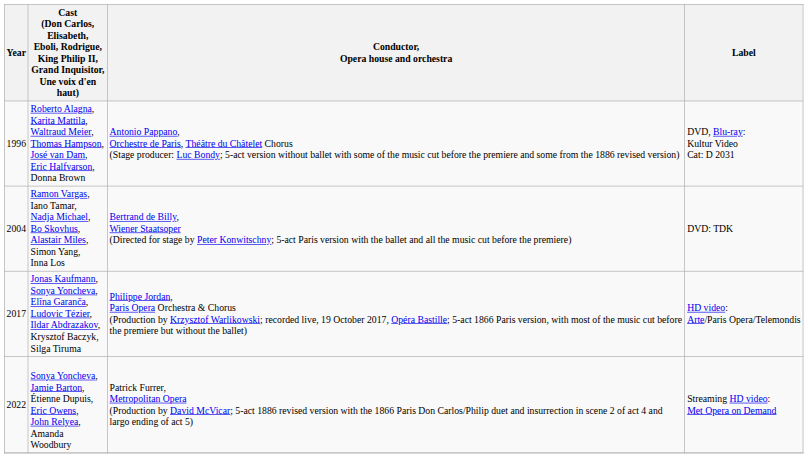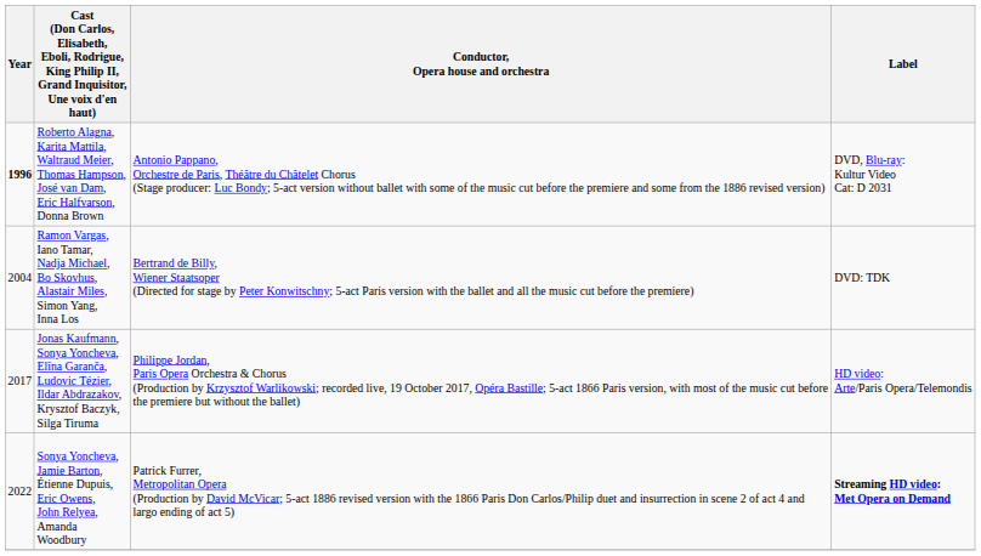 <table class="wikitable" style="font-size:95%;">
 <tr>
 <th>Year</th>
 <th>Cast<br>(Don Carlos,<br>Elisabeth,<br>Eboli, Rodrigue,<br>King Philip II,<br>Grand Inquisitor,<br>Une voix d'en haut)</th>
 <th>Conductor,<br>Opera house and orchestra</th>
 <th>Label</th>
 </tr>
 <tr>
-<td>1996</td>
+<td><strong>1996</strong></td>
 <td><a href='#'>Roberto Alagna</a>,<br><a href='#'>Karita Mattila</a>,<br><a href='#'>Waltraud Meier</a>,<br><a href='#'>Thomas Hampson</a>,<br><a href='#'>José van Dam</a>,<br><a href='#'>Eric Halfvarson</a>,<br>Donna Brown</td>
 <td><a href='#'>Antonio Pappano</a>,<br><a href='#'>Orchestre de Paris</a>, <a href='#'>Théâtre du Châtelet</a> Chorus<br>(Stage producer: <a href='#'>Luc Bondy</a>; 5-act version without ballet with some of the music cut before the premiere and some from the 1886 revised version)</td>
 <td>DVD, <a href='#'>Blu-ray</a>:<br>Kultur Video<br>Cat: D 2031</td>
 </tr>
 <tr>
 <td>2004</td>
 <td><a href='#'>Ramon Vargas</a>,<br>Iano Tamar,<br><a href='#'>Nadja Michael</a>,<br><a href='#'>Bo Skovhus</a>,<br><a href='#'>Alastair Miles</a>,<br>Simon Yang,<br>Inna Los</td>
 <td><a href='#'>Bertrand de Billy</a>,<br><a href='#'>Wiener Staatsoper</a><br>(Directed for stage by <a href='#'>Peter Konwitschny</a>; 5-act Paris version with the ballet and all the music cut before the premiere)</td>
 <td>DVD: TDK</td>
 </tr>
 <tr>
 <td>2017</td>
 <td><a href='#'>Jonas Kaufmann</a>,<br><a href='#'>Sonya Yoncheva</a>,<br><a href='#'>Elīna Garanča</a>,<br><a href='#'>Ludovic Tézier</a>,<br><a href='#'>Ildar Abdrazakov</a>,<br>Krysztof Baczyk,<br>Silga Tiruma</td>
 <td><a href='#'>Philippe Jordan</a>,<br><a href='#'>Paris Opera</a> Orchestra & Chorus<br>(Production by <a href='#'>Krzysztof Warlikowski</a>; recorded live, 19 October 2017, <a href='#'>Opéra Bastille</a>; 5-act 1866 Paris version, with most of the music cut before the premiere but without the ballet)</td>
 <td><a href='#'>HD video</a>:<br><a href='#'>Arte</a>/Paris Opera/Telemondis</td>
 </tr>
 <tr>
 <td>2022</td>
 <td><br><a href='#'>Sonya Yoncheva</a>,<br><a href='#'>Jamie Barton</a>,<br>Étienne Dupuis,<br><a href='#'>Eric Owens</a>,<br><a href='#'>John Relyea</a>,<br>Amanda Woodbury</td>
 <td>Patrick Furrer,<br><a href='#'>Metropolitan Opera</a><br>(Production by <a href='#'>David McVicar</a>; 5-act 1886 revised version with the 1866 Paris Don Carlos/Philip duet and insurrection in scene 2 of act 4 and largo ending of act 5)</td>
-<td>Streaming <a href='#'>HD video</a>:<br><a href='#'>Met Opera on Demand</a></td>
+<td><strong>Streaming <a href='#'>HD video</a>:<br><a href='#'>Met Opera on Demand</a></strong></td>
 </tr>
 <tr>
 </tr>
 </table>
